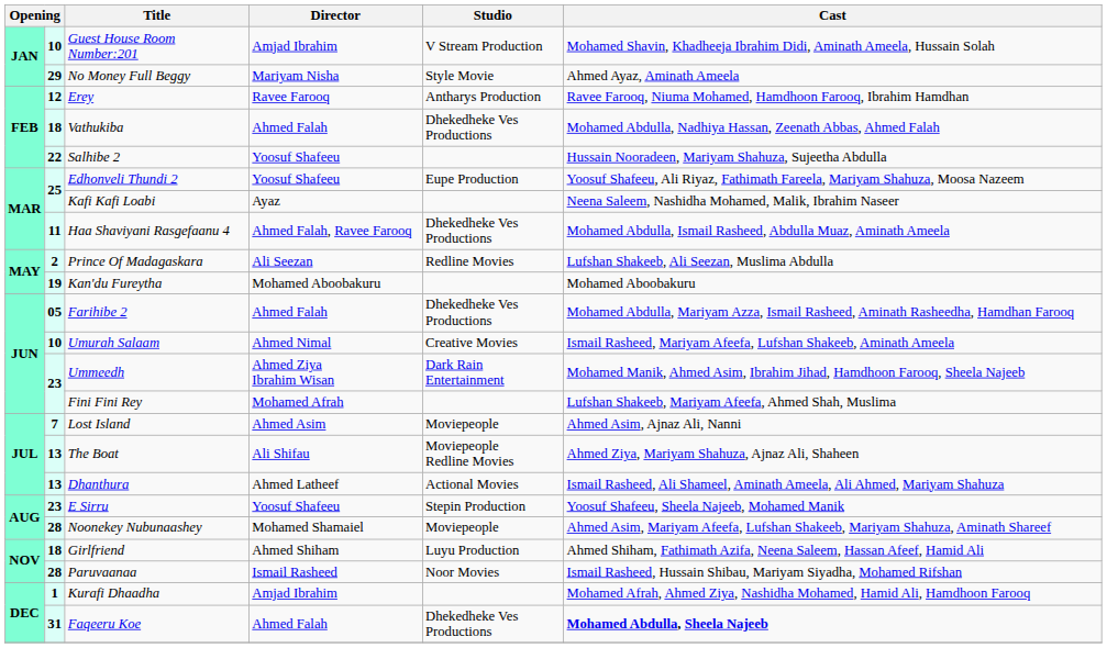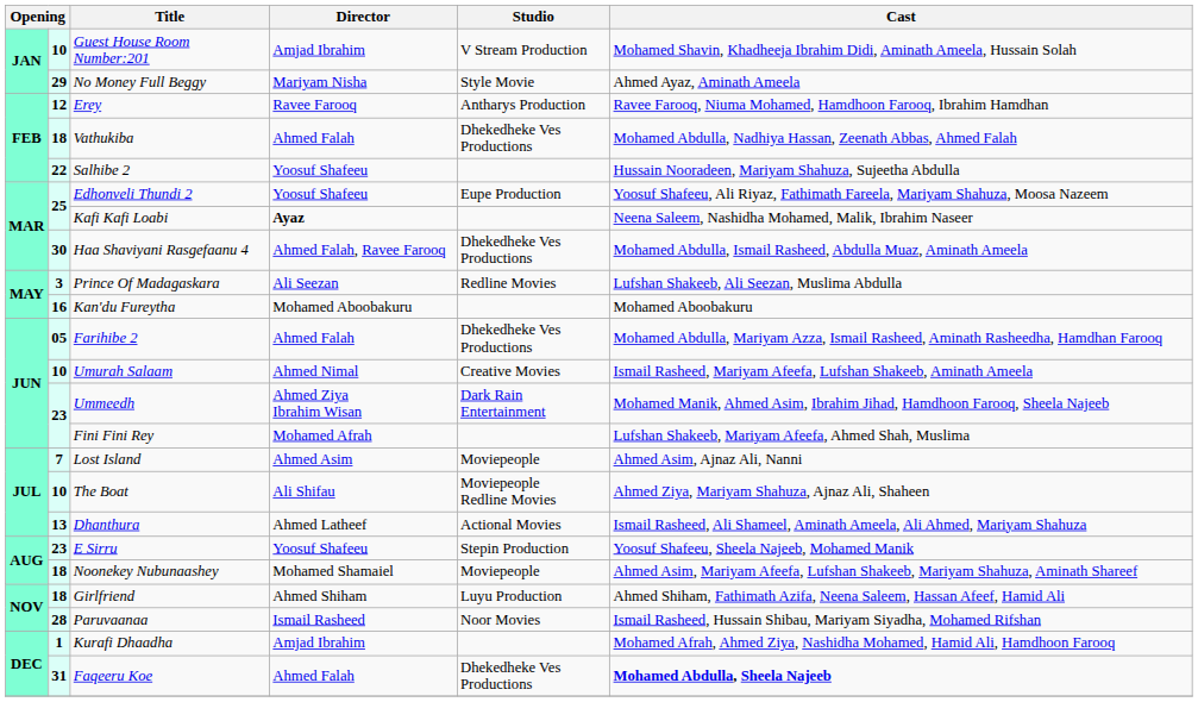 <table class="wikitable plainrowheaders" width="100%">
 <tr>
 <th scope="col" colspan="2" width=4%>Opening</th>
 <th scope="col" width=17%>Title</th>
 <th scope="col" width=16%>Director</th>
 <th scope="col" width=13%>Studio</th>
 <th scope="col" width=50%>Cast</th>
 </tr>
 <tr>
 <td rowspan="2" style="text-align:center; background:#7FFFD4; textcolor:#000;"><strong>JAN</strong></td>
 <td style="text-align:center; background:#dbfff8;"><strong>10</strong></td>
 <td><em><a href='#'>Guest House Room Number:201</a></em></td>
 <td><a href='#'>Amjad Ibrahim</a></td>
 <td>V Stream Production</td>
 <td><a href='#'>Mohamed Shavin</a>, <a href='#'>Khadheeja Ibrahim Didi</a>, <a href='#'>Aminath Ameela</a>, Hussain Solah</td>
 </tr>
 <tr>
 <td style="text-align:center; background:#dbfff8;"><strong>29</strong></td>
 <td><em>No Money Full Beggy</em></td>
 <td><a href='#'>Mariyam Nisha</a></td>
 <td>Style Movie</td>
 <td>Ahmed Ayaz, <a href='#'>Aminath Ameela</a></td>
 </tr>
 <tr>
 <td rowspan="3" style="text-align:center; background:#7FFFD4; textcolor:#000;"><strong>FEB</strong></td>
 <td style="text-align:center; background:#dbfff8;"><strong>12</strong></td>
 <td><em><a href='#'>Erey</a></em></td>
 <td><a href='#'>Ravee Farooq</a></td>
 <td>Antharys Production</td>
 <td><a href='#'>Ravee Farooq</a>, <a href='#'>Niuma Mohamed</a>, <a href='#'>Hamdhoon Farooq</a>, Ibrahim Hamdhan</td>
 </tr>
 <tr>
 <td style="text-align:center; background:#dbfff8;"><strong>18</strong></td>
 <td><em>Vathukiba</em></td>
 <td><a href='#'>Ahmed Falah</a></td>
 <td>Dhekedheke Ves Productions</td>
 <td><a href='#'>Mohamed Abdulla</a>, <a href='#'>Nadhiya Hassan</a>, <a href='#'>Zeenath Abbas</a>, <a href='#'>Ahmed Falah</a></td>
 </tr>
 <tr>
 <td style="text-align:center; background:#dbfff8;"><strong>22</strong></td>
 <td><em>Salhibe 2</em></td>
 <td><a href='#'>Yoosuf Shafeeu</a></td>
 <td></td>
 <td><a href='#'>Hussain Nooradeen</a>, <a href='#'>Mariyam Shahuza</a>, Sujeetha Abdulla</td>
 </tr>
 <tr>
 <td rowspan="3" style="text-align:center; background:#7FFFD4; textcolor:#000;"><strong>MAR</strong></td>
 <td rowspan="2" style="text-align:center; background:#dbfff8;"><strong>25</strong></td>
 <td><em><a href='#'>Edhonveli Thundi 2</a></em></td>
 <td><a href='#'>Yoosuf Shafeeu</a></td>
 <td>Eupe Production</td>
 <td><a href='#'>Yoosuf Shafeeu</a>, Ali Riyaz, <a href='#'>Fathimath Fareela</a>, <a href='#'>Mariyam Shahuza</a>, Moosa Nazeem</td>
 </tr>
 <tr>
 <td><em>Kafi Kafi Loabi</em></td>
-<td>Ayaz</td>
+<td><strong>Ayaz</strong></td>
 <td></td>
 <td><a href='#'>Neena Saleem</a>, Nashidha Mohamed, Malik, Ibrahim Naseer</td>
 </tr>
 <tr>
-<td style="text-align:center; background:#dbfff8;"><strong>11</strong></td>
+<td style="text-align:center; background:#dbfff8;"><strong>30</strong></td>
 <td><em>Haa Shaviyani Rasgefaanu 4</em></td>
 <td><a href='#'>Ahmed Falah</a>, <a href='#'>Ravee Farooq</a></td>
 <td>Dhekedheke Ves Productions</td>
 <td><a href='#'>Mohamed Abdulla</a>, <a href='#'>Ismail Rasheed</a>, <a href='#'>Abdulla Muaz</a>, <a href='#'>Aminath Ameela</a></td>
 </tr>
 <tr>
 <td rowspan="2" style="text-align:center; background:#7FFFD4; textcolor:#000;"><strong>MAY</strong></td>
-<td style="text-align:center; background:#dbfff8;"><strong>2</strong></td>
+<td style="text-align:center; background:#dbfff8;"><strong>3</strong></td>
 <td><em>Prince Of Madagaskara</em></td>
 <td><a href='#'>Ali Seezan</a></td>
 <td>Redline Movies</td>
 <td><a href='#'>Lufshan Shakeeb</a>, <a href='#'>Ali Seezan</a>, Muslima Abdulla</td>
 </tr>
 <tr>
-<td style="text-align:center; background:#dbfff8;"><strong>19</strong></td>
+<td style="text-align:center; background:#dbfff8;"><strong>16</strong></td>
 <td><em>Kan'du Fureytha</em></td>
 <td>Mohamed Aboobakuru</td>
 <td></td>
 <td>Mohamed Aboobakuru</td>
 </tr>
 <tr>
 <td rowspan="4" style="text-align:center; background:#7FFFD4; textcolor:#000;"><strong>JUN</strong></td>
 <td style="text-align:center; background:#dbfff8;"><strong>05</strong></td>
 <td><em><a href='#'>Farihibe 2</a></em></td>
 <td><a href='#'>Ahmed Falah</a></td>
 <td>Dhekedheke Ves Productions</td>
 <td><a href='#'>Mohamed Abdulla</a>, <a href='#'>Mariyam Azza</a>, <a href='#'>Ismail Rasheed</a>, <a href='#'>Aminath Rasheedha</a>, <a href='#'>Hamdhan Farooq</a></td>
 </tr>
 <tr>
 <th style="text-align:center; background:#dbfff8;"><strong>10</strong></th>
 <td><a href='#'><em>Umurah Salaam</em></a></td>
 <td><a href='#'>Ahmed Nimal</a></td>
 <td>Creative Movies</td>
 <td><a href='#'>Ismail Rasheed</a>, <a href='#'>Mariyam Afeefa</a>, <a href='#'>Lufshan Shakeeb</a>, <a href='#'>Aminath Ameela</a></td>
 </tr>
 <tr>
 <td rowspan="2" style="text-align:center; background:#dbfff8;"><strong>23</strong></td>
 <td><em><a href='#'>Ummeedh</a></em></td>
 <td><a href='#'>Ahmed Ziya</a><br><a href='#'>Ibrahim Wisan</a></td>
 <td><a href='#'>Dark Rain Entertainment</a></td>
 <td><a href='#'>Mohamed Manik</a>, <a href='#'>Ahmed Asim</a>, <a href='#'>Ibrahim Jihad</a>, <a href='#'>Hamdhoon Farooq</a>, <a href='#'>Sheela Najeeb</a></td>
 </tr>
 <tr>
 <td><em>Fini Fini Rey</em></td>
 <td><a href='#'>Mohamed Afrah</a></td>
 <td></td>
 <td><a href='#'>Lufshan Shakeeb</a>, <a href='#'>Mariyam Afeefa</a>, Ahmed Shah, Muslima</td>
 </tr>
 <tr>
 <td rowspan="3" style="text-align:center; background:#7FFFD4; textcolor:#000;"><strong>JUL</strong></td>
 <td style="text-align:center; background:#dbfff8;"><strong>7</strong></td>
 <td><em>Lost Island</em></td>
 <td><a href='#'>Ahmed Asim</a></td>
 <td>Moviepeople</td>
 <td><a href='#'>Ahmed Asim</a>, Ajnaz Ali, Nanni</td>
 </tr>
 <tr>
-<td style="text-align:center; background:#dbfff8;"><strong>13</strong></td>
+<td style="text-align:center; background:#dbfff8;"><strong>10</strong></td>
 <td><em>The Boat</em></td>
 <td><a href='#'>Ali Shifau</a></td>
 <td>Moviepeople<br>Redline Movies</td>
 <td><a href='#'>Ahmed Ziya</a>, <a href='#'>Mariyam Shahuza</a>, Ajnaz Ali, Shaheen</td>
 </tr>
 <tr>
 <td style="text-align:center; background:#dbfff8;"><strong>13</strong></td>
 <td><em><a href='#'>Dhanthura</a></em></td>
 <td>Ahmed Latheef</td>
 <td>Actional Movies</td>
 <td><a href='#'>Ismail Rasheed</a>, <a href='#'>Ali Shameel</a>, <a href='#'>Aminath Ameela</a>, <a href='#'>Ali Ahmed</a>, <a href='#'>Mariyam Shahuza</a></td>
 </tr>
 <tr>
 <td style="text-align:center; background:#7FFFD4; textcolor:#000;" rowspan="2"><strong>AUG</strong></td>
 <td style="text-align:center; background:#dbfff8;"><strong>23</strong></td>
 <td><em><a href='#'>E Sirru</a></em></td>
 <td><a href='#'>Yoosuf Shafeeu</a></td>
 <td>Stepin Production</td>
 <td><a href='#'>Yoosuf Shafeeu</a>, <a href='#'>Sheela Najeeb</a>, <a href='#'>Mohamed Manik</a></td>
 </tr>
 <tr>
-<td style="text-align:center; background:#dbfff8;"><strong>28</strong></td>
+<td style="text-align:center; background:#dbfff8;"><strong>18</strong></td>
 <td><em>Noonekey Nubunaashey</em></td>
 <td>Mohamed Shamaiel</td>
 <td>Moviepeople</td>
 <td><a href='#'>Ahmed Asim</a>, <a href='#'>Mariyam Afeefa</a>, <a href='#'>Lufshan Shakeeb</a>, <a href='#'>Mariyam Shahuza</a>, <a href='#'>Aminath Shareef</a></td>
 </tr>
 <tr>
 <td rowspan="2" style="text-align:center; background:#7FFFD4; textcolor:#000;"><strong>NOV</strong></td>
 <td style="text-align:center; background:#dbfff8;"><strong>18</strong></td>
 <td><em>Girlfriend</em></td>
 <td>Ahmed Shiham</td>
 <td>Luyu Production</td>
 <td>Ahmed Shiham, <a href='#'>Fathimath Azifa</a>, <a href='#'>Neena Saleem</a>, <a href='#'>Hassan Afeef</a>, <a href='#'>Hamid Ali</a></td>
 </tr>
 <tr>
 <td style="text-align:center; background:#dbfff8;"><strong>28</strong></td>
 <td><em>Paruvaanaa</em></td>
 <td><a href='#'>Ismail Rasheed</a></td>
 <td>Noor Movies</td>
 <td><a href='#'>Ismail Rasheed</a>, Hussain Shibau, Mariyam Siyadha, <a href='#'>Mohamed Rifshan</a></td>
 </tr>
 <tr>
 <td rowspan="2" style="text-align:center; background:#7FFFD4; textcolor:#000;"><strong>DEC</strong></td>
 <td style="text-align:center; background:#dbfff8;"><strong>1</strong></td>
 <td><em>Kurafi Dhaadha</em></td>
 <td><a href='#'>Amjad Ibrahim</a></td>
 <td></td>
 <td><a href='#'>Mohamed Afrah</a>, <a href='#'>Ahmed Ziya</a>, <a href='#'>Nashidha Mohamed</a>, <a href='#'>Hamid Ali</a>, <a href='#'>Hamdhoon Farooq</a></td>
 </tr>
 <tr>
 <td style="text-align:center; background:#dbfff8;"><strong>31</strong></td>
 <td><em><a href='#'>Faqeeru Koe</a></em></td>
 <td><a href='#'>Ahmed Falah</a></td>
 <td>Dhekedheke Ves Productions</td>
 <td><strong><a href='#'>Mohamed Abdulla</a>, <a href='#'>Sheela Najeeb</a></strong></td>
 </tr>
 <tr>
 </tr>
 </table>
